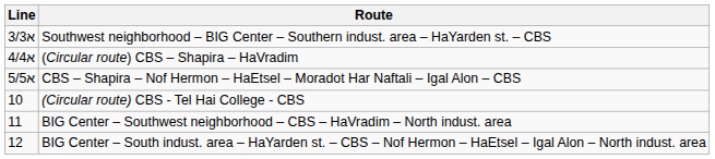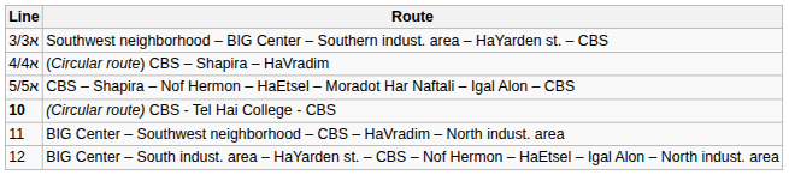 <table class="wikitable">
 <tr>
 <th>Line</th>
 <th>Route</th>
 </tr>
 <tr>
 <td>3/3א</td>
 <td>Southwest neighborhood – BIG Center – Southern indust. area – HaYarden st. – CBS</td>
 </tr>
 <tr>
 <td>4/4א</td>
 <td>(<em>Circular route</em>) CBS – Shapira – HaVradim</td>
 </tr>
 <tr>
 <td>5/5א</td>
 <td>CBS – Shapira – Nof Hermon – HaEtsel – Moradot Har Naftali – Igal Alon – CBS</td>
 </tr>
 <tr>
-<td>10</td>
+<td><strong>10</strong></td>
 <td><em>(Circular route)</em> CBS - Tel Hai College - CBS</td>
 </tr>
 <tr>
 <td>11</td>
 <td>BIG Center – Southwest neighborhood – CBS – HaVradim – North indust. area</td>
 </tr>
 <tr>
 <td>12</td>
 <td>BIG Center – South indust. area – HaYarden st. – CBS – Nof Hermon – HaEtsel – Igal Alon – North indust. area</td>
 </tr>
 </table>
